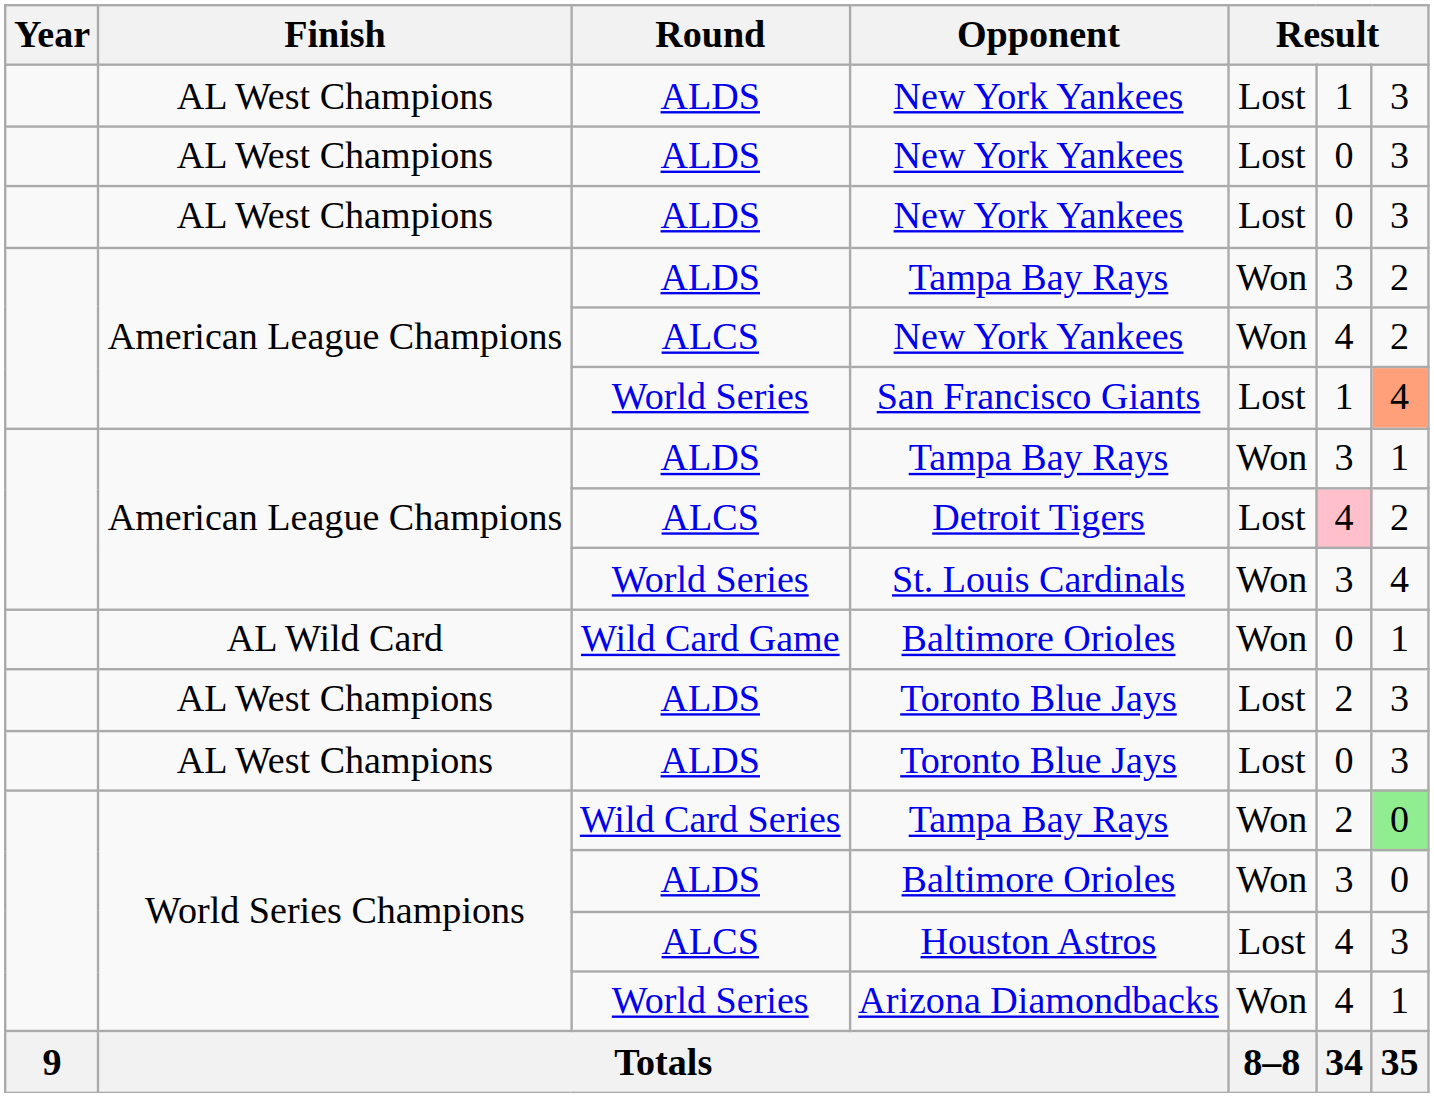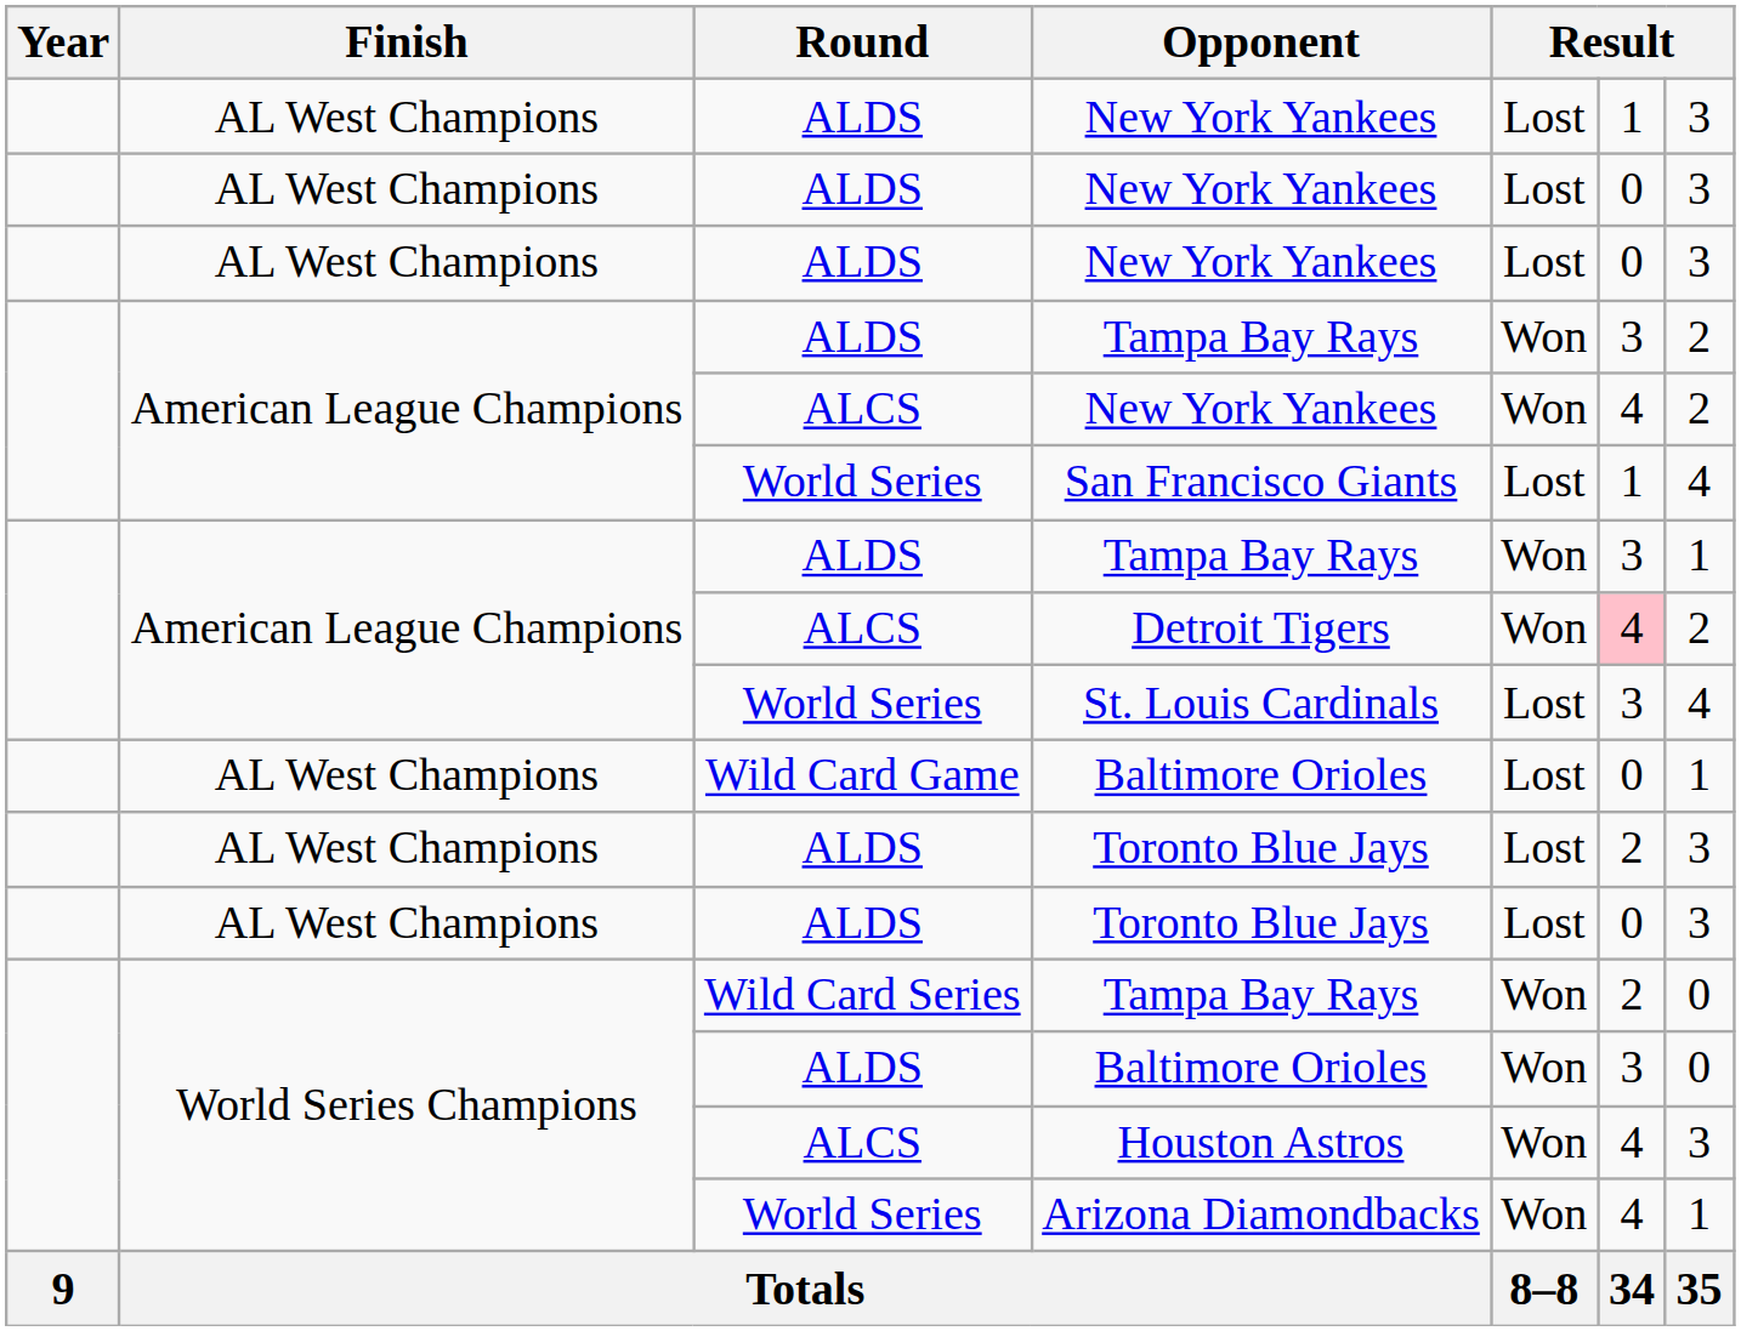 <table class="wikitable">
 <tr>
 <th colspan=1>Year</th>
 <th colspan=1>Finish</th>
 <th colspan=1>Round</th>
 <th colspan=1>Opponent</th>
 <th colspan=3>Result</th>
 </tr>
 <tr>
 <td align="center" rowspan="1"></td>
 <td align="center" rowspan="1">AL West Champions</td>
 <td align="center"><a href='#'>ALDS</a></td>
 <td align="center"><a href='#'>New York Yankees</a></td>
 <td align="center">Lost</td>
 <td align="center">1</td>
 <td align="center">3</td>
 </tr>
 <tr>
 <td align="center" rowspan="1"></td>
 <td align="center" rowspan="1">AL West Champions</td>
 <td align="center"><a href='#'>ALDS</a></td>
 <td align="center"><a href='#'>New York Yankees</a></td>
 <td align="center">Lost</td>
 <td align="center">0</td>
 <td align="center">3</td>
 </tr>
 <tr>
 <td align="center" rowspan="1"></td>
 <td align="center" rowspan="1">AL West Champions</td>
 <td align="center"><a href='#'>ALDS</a></td>
 <td align="center"><a href='#'>New York Yankees</a></td>
 <td align="center">Lost</td>
 <td align="center">0</td>
 <td align="center">3</td>
 </tr>
 <tr>
 <td align="center" rowspan="3"></td>
 <td align="center" rowspan="3">American League Champions</td>
 <td align="center"><a href='#'>ALDS</a></td>
 <td align="center"><a href='#'>Tampa Bay Rays</a></td>
 <td align="center">Won</td>
 <td align="center">3</td>
 <td align="center">2</td>
 </tr>
 <tr>
 <td align="center"><a href='#'>ALCS</a></td>
 <td align="center"><a href='#'>New York Yankees</a></td>
 <td align="center">Won</td>
 <td align="center">4</td>
 <td align="center">2</td>
 </tr>
 <tr>
 <td align="center"><a href='#'>World Series</a></td>
 <td align="center"><a href='#'>San Francisco Giants</a></td>
 <td align="center">Lost</td>
 <td align="center">1</td>
-<td align="center" style="background: lightsalmon;">4</td>
+<td align="center">4</td>
 </tr>
 <tr>
 <td align="center" rowspan="3"></td>
 <td align="center" rowspan="3">American League Champions</td>
 <td align="center"><a href='#'>ALDS</a></td>
 <td align="center"><a href='#'>Tampa Bay Rays</a></td>
 <td align="center">Won</td>
 <td align="center">3</td>
 <td align="center">1</td>
 </tr>
 <tr>
 <td align="center"><a href='#'>ALCS</a></td>
 <td align="center"><a href='#'>Detroit Tigers</a></td>
-<td align="center">Lost</td>
+<td align="center">Won</td>
 <td align="center" style="background: pink;">4</td>
 <td align="center">2</td>
 </tr>
 <tr>
 <td align="center"><a href='#'>World Series</a></td>
 <td align="center"><a href='#'>St. Louis Cardinals</a></td>
-<td align="center">Won</td>
+<td align="center">Lost</td>
 <td align="center">3</td>
 <td align="center">4</td>
 </tr>
 <tr>
 <td align="center" rowspan="1"></td>
-<td align="center" rowspan="1">AL Wild Card</td>
+<td align="center" rowspan="1">AL West Champions</td>
 <td align="center"><a href='#'>Wild Card Game</a></td>
 <td align="center"><a href='#'>Baltimore Orioles</a></td>
-<td align="center">Won</td>
+<td align="center">Lost</td>
 <td align="center">0</td>
 <td align="center">1</td>
 </tr>
 <tr>
 <td align="center" rowspan="1"></td>
 <td align="center" rowspan="1">AL West Champions</td>
 <td align="center"><a href='#'>ALDS</a></td>
 <td align="center"><a href='#'>Toronto Blue Jays</a></td>
 <td align="center">Lost</td>
 <td align="center">2</td>
 <td align="center">3</td>
 </tr>
 <tr>
 <td align="center" rowspan="1"></td>
 <td align="center" rowspan="1">AL West Champions</td>
 <td align="center"><a href='#'>ALDS</a></td>
 <td align="center"><a href='#'>Toronto Blue Jays</a></td>
 <td align="center">Lost</td>
 <td align="center">0</td>
 <td align="center">3</td>
 </tr>
 <tr>
 <td align="center" rowspan="4"></td>
 <td align="center" rowspan="4">World Series Champions</td>
 <td align="center"><a href='#'>Wild Card Series</a></td>
 <td align="center"><a href='#'>Tampa Bay Rays</a></td>
 <td align="center">Won</td>
 <td align="center">2</td>
-<td align="center" style="background: lightgreen;">0</td>
+<td align="center">0</td>
 </tr>
 <tr>
 <td align="center"><a href='#'>ALDS</a></td>
 <td align="center"><a href='#'>Baltimore Orioles</a></td>
 <td align="center">Won</td>
 <td align="center">3</td>
 <td align="center">0</td>
 </tr>
 <tr>
 <td align="center"><a href='#'>ALCS</a></td>
 <td align="center"><a href='#'>Houston Astros</a></td>
-<td align="center">Lost</td>
+<td align="center">Won</td>
 <td align="center">4</td>
 <td align="center">3</td>
 </tr>
 <tr>
 <td align="center"><a href='#'>World Series</a></td>
 <td align="center"><a href='#'>Arizona Diamondbacks</a></td>
 <td align="center">Won</td>
 <td align="center">4</td>
 <td align="center">1</td>
 </tr>
 <tr>
 <th align="center">9</th>
 <th colspan="3">Totals</th>
 <th>8–8</th>
 <th>34</th>
 <th>35</th>
 </tr>
 </table>
